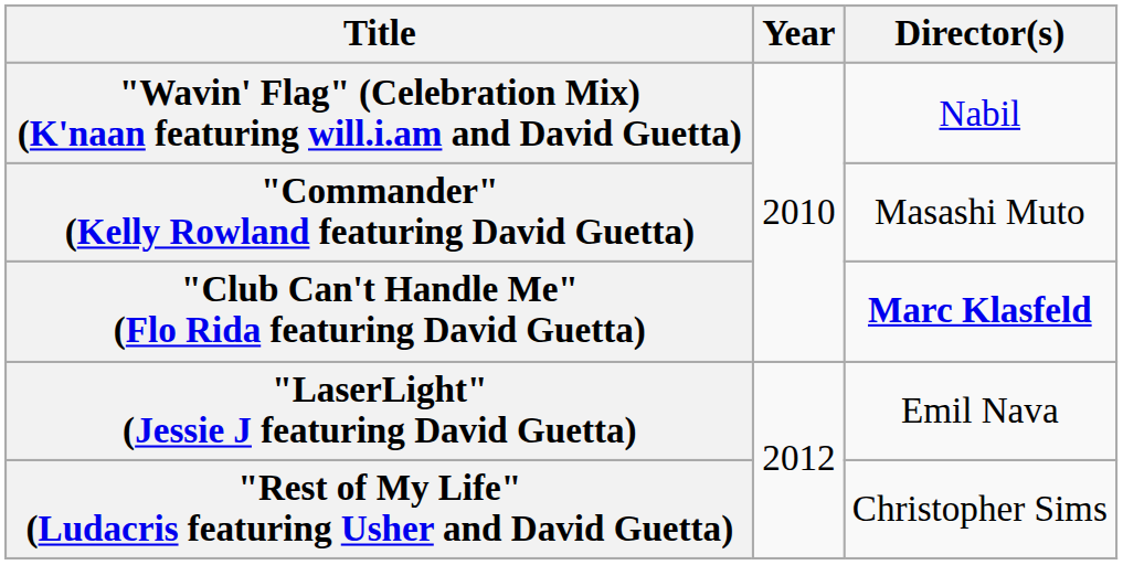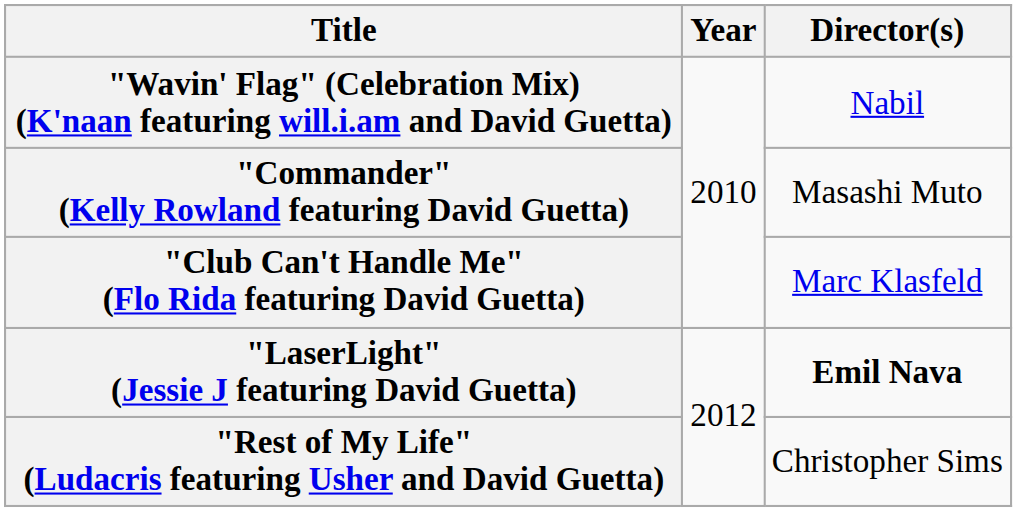 <table class="wikitable plainrowheaders" style="text-align:center;">
 <tr>
 <th scope="col" style="width:20em;">Title</th>
 <th scope="col" style="width:1em;">Year</th>
 <th scope="col">Director(s)</th>
 </tr>
 <tr>
 <th scope="row">"Wavin' Flag" (Celebration Mix) <br><span>(<a href='#'>K'naan</a> featuring <a href='#'>will.i.am</a> and David Guetta)</span></th>
 <td rowspan="3">2010</td>
 <td><a href='#'>Nabil</a></td>
 </tr>
 <tr>
 <th scope="row">"Commander" <br><span>(<a href='#'>Kelly Rowland</a> featuring David Guetta)</span></th>
 <td>Masashi Muto</td>
 </tr>
 <tr>
 <th scope="row">"Club Can't Handle Me" <br><span>(<a href='#'>Flo Rida</a> featuring David Guetta)</span></th>
-<td><strong><a href='#'>Marc Klasfeld</a></strong></td>
+<td><a href='#'>Marc Klasfeld</a></td>
 </tr>
 <tr>
 <th scope="row">"LaserLight" <br><span>(<a href='#'>Jessie J</a> featuring David Guetta)</span></th>
 <td rowspan="2">2012</td>
-<td>Emil Nava</td>
+<td><strong>Emil Nava</strong></td>
 </tr>
 <tr>
 <th scope="row">"Rest of My Life" <br><span>(<a href='#'>Ludacris</a> featuring <a href='#'>Usher</a> and David Guetta)</span></th>
 <td>Christopher Sims</td>
 </tr>
 </table>
